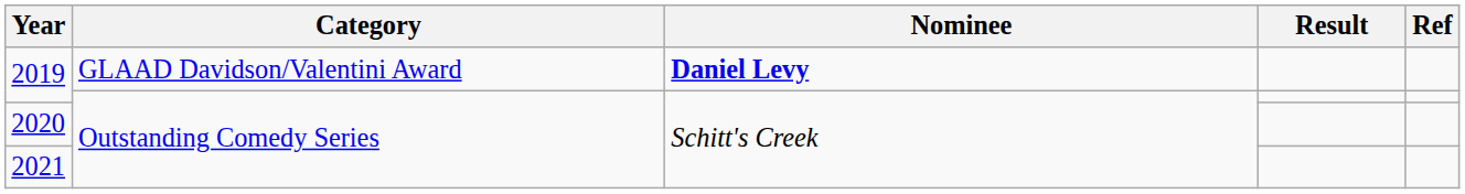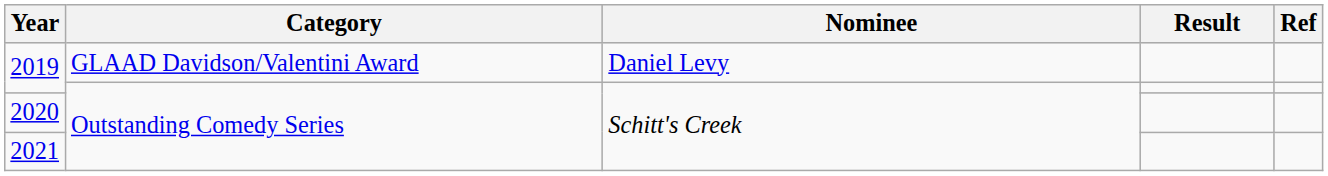 <table class="wikitable">
 <tr>
 <th width="3%">Year</th>
 <th width="40%">Category</th>
 <th width="40%">Nominee</th>
 <th width="10%">Result</th>
 <th width="2%">Ref</th>
 </tr>
 <tr>
 <td rowspan="2"><a href='#'>2019</a></td>
 <td><a href='#'>GLAAD Davidson/Valentini Award</a></td>
-<td><strong><a href='#'>Daniel Levy</a></strong></td>
+<td><a href='#'>Daniel Levy</a></td>
 <td></td>
 <td></td>
 </tr>
 <tr>
 <td rowspan="3"><a href='#'>Outstanding Comedy Series</a></td>
 <td rowspan="3"><em>Schitt's Creek</em></td>
 <td></td>
 <td></td>
 </tr>
 <tr>
 <td><a href='#'>2020</a></td>
 <td></td>
 <td></td>
 </tr>
 <tr>
 <td><a href='#'>2021</a></td>
 <td></td>
 <td></td>
 </tr>
 </table>
